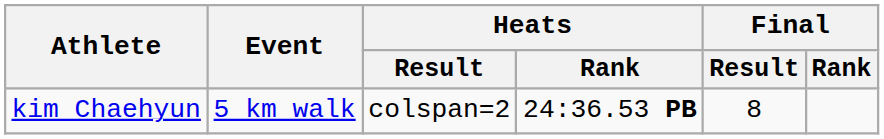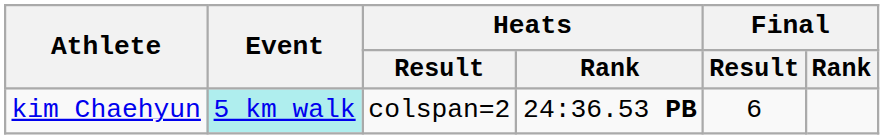 <table class="wikitable" style="font-size:90%">
 <tr>
 <th rowspan=2>Athlete</th>
 <th rowspan=2>Event</th>
 <th colspan=2>Heats</th>
 <th colspan=2>Final</th>
 </tr>
 <tr style="font-size:95%">
 <th>Result</th>
 <th>Rank</th>
 <th>Result</th>
 <th>Rank</th>
 </tr>
 <tr align=center>
 <td align=left><a href='#'>kim Chaehyun</a></td>
-<td align=left><a href='#'>5 km walk</a></td>
+<td align=left style="background: paleturquoise;"><a href='#'>5 km walk</a></td>
 <td>colspan=2 </td>
 <td>24:36.53 <strong>PB</strong></td>
-<td>8</td>
+<td>6</td>
 </tr>
 </table>
